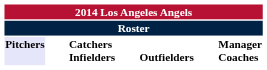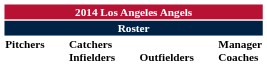 <table class="toccolours" style="font-size: 95%;">
 <tr>
 <th colspan="10" style="background-color: #B71234; color: white; text-align: center;">2014 Los Angeles Angels</th>
 </tr>
 <tr>
 <td colspan="10" style="background-color:#002244; color: white; text-align: center;"><strong>Roster</strong></td>
 </tr>
 <tr>
-<td valign="top" style="background: lavender;"><strong>Pitchers</strong><br>                              </td>
+<td valign="top"><strong>Pitchers</strong><br>                              </td>
 <td width="25px"></td>
 <td valign="top"><strong>Catchers</strong><br>   <strong>Infielders</strong>          </td>
 <td width="25px"></td>
 <td valign="top"><br><strong>Outfielders</strong>          </td>
 <td width="25px"></td>
 <td valign="top"><strong>Manager</strong><br> <strong>Coaches</strong>                        </td>
 </tr>
 </table>
